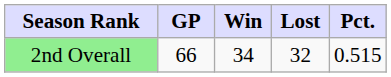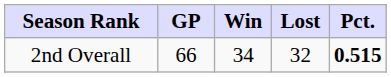 <table class="wikitable" border="1">
 <tr>
 <th style="background:#DDDDFF;" width="40%"><strong> Season Rank </strong></th>
 <th style="background:#DDDDFF;" width="15%"><strong> GP </strong></th>
 <th style="background:#DDDDFF;" width="15%"><strong> Win</strong></th>
 <th style="background:#DDDDFF;" width="15%"><strong> Lost </strong></th>
 <th style="background:#DDDDFF;" width="15%"><strong> Pct.</strong></th>
 </tr>
 <tr>
-<td align=center style="background: lightgreen;">2nd Overall</td>
+<td align=center>2nd Overall</td>
 <td align=center>66</td>
 <td align=center>34</td>
 <td align=center>32</td>
-<td align=center>0.515</td>
+<td align=center><strong>0.515</strong></td>
 </tr>
 </table>
